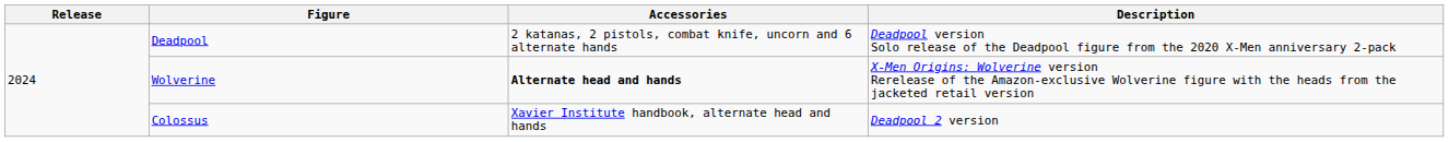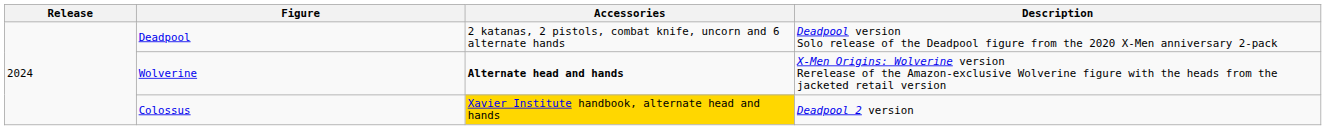 <table class="wikitable" style="width:80%;">
 <tr>
 <th width=10%>Release</th>
 <th width=25%>Figure</th>
 <th width=25%>Accessories</th>
 <th width=40%>Description</th>
 </tr>
 <tr>
 <td rowspan=3>2024</td>
 <td><a href='#'>Deadpool</a></td>
 <td>2 katanas, 2 pistols, combat knife, uncorn and 6 alternate hands</td>
 <td><em><a href='#'>Deadpool</a></em> version<br>Solo release of the Deadpool figure from the 2020 X-Men anniversary 2-pack</td>
 </tr>
 <tr>
 <td><a href='#'>Wolverine</a></td>
 <td><strong>Alternate head and hands</strong></td>
 <td><em><a href='#'>X-Men Origins: Wolverine</a></em> version<br>Rerelease of the Amazon-exclusive Wolverine figure with the heads from the jacketed retail version</td>
 </tr>
 <tr>
 <td><a href='#'>Colossus</a></td>
-<td><a href='#'>Xavier Institute</a> handbook, alternate head and hands</td>
+<td style="background: gold;"><a href='#'>Xavier Institute</a> handbook, alternate head and hands</td>
 <td><em><a href='#'>Deadpool 2</a></em> version</td>
 </tr>
 </table>
